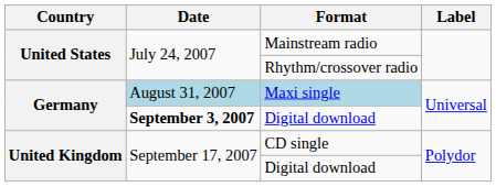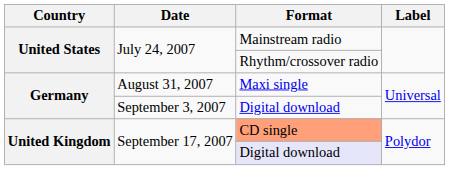 <table class="wikitable plainrowheaders">
 <tr>
 <th scope="col">Country</th>
 <th scope="col">Date</th>
 <th scope="col">Format</th>
 <th scope="col">Label</th>
 </tr>
 <tr>
 <th scope="row" rowspan="2">United States</th>
 <td rowspan="2">July 24, 2007</td>
 <td>Mainstream radio</td>
 <td rowspan="2"></td>
 </tr>
 <tr>
 <td>Rhythm/crossover radio</td>
 </tr>
 <tr>
 <th scope="row" rowspan="2">Germany</th>
-<td style="background: lightblue;">August 31, 2007</td>
-<td style="background: lightblue;"><a href='#'>Maxi single</a></td>
+<td>August 31, 2007</td>
+<td><a href='#'>Maxi single</a></td>
 <td rowspan="2"><a href='#'>Universal</a></td>
 </tr>
 <tr>
-<td><strong>September 3, 2007</strong></td>
+<td>September 3, 2007</td>
 <td><a href='#'>Digital download</a></td>
 </tr>
 <tr>
 <th scope="row" rowspan="2">United Kingdom</th>
 <td rowspan="2">September 17, 2007</td>
-<td>CD single</td>
+<td style="background: lightsalmon;">CD single</td>
 <td rowspan="2"><a href='#'>Polydor</a></td>
 </tr>
 <tr>
-<td>Digital download</td>
+<td style="background: lavender;">Digital download</td>
 </tr>
 </table>
